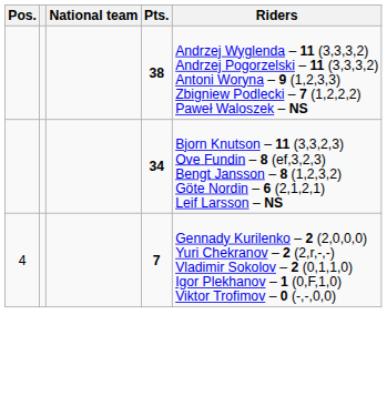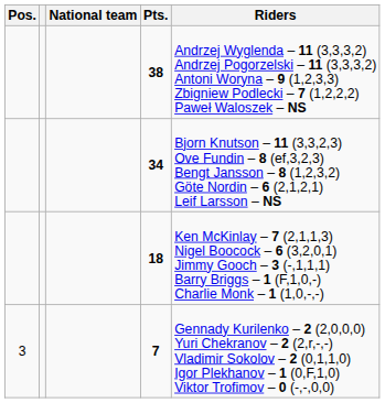 <table class=wikitable style="font-size:93%;">
 <tr>
 <th>Pos.</th>
 <th></th>
 <th>National team</th>
 <th>Pts.</th>
 <th>Riders</th>
 </tr>
 <tr align=center >
 <td></td>
 <td></td>
 <td align=left></td>
 <td><strong>38</strong></td>
 <td align=left><br><a href='#'>Andrzej Wyglenda</a> – <strong>11</strong> (3,3,3,2)<br> <a href='#'>Andrzej Pogorzelski</a> – <strong>11</strong> (3,3,3,2)<br> <a href='#'>Antoni Woryna</a> – <strong>9</strong> (1,2,3,3)<br> <a href='#'>Zbigniew Podlecki</a> – <strong>7</strong> (1,2,2,2)<br> <a href='#'>Paweł Waloszek</a> – <strong>NS</strong></td>
 </tr>
 <tr align=center >
 <td></td>
 <td></td>
 <td align=left></td>
 <td><strong>34</strong></td>
 <td align=left><br><a href='#'>Bjorn Knutson</a> – <strong>11</strong> (3,3,2,3)<br> <a href='#'>Ove Fundin</a> – <strong>8</strong> (ef,3,2,3) <br> <a href='#'>Bengt Jansson</a> – <strong>8</strong> (1,2,3,2) <br> <a href='#'>Göte Nordin</a> – <strong>6</strong> (2,1,2,1) <br> <a href='#'>Leif Larsson</a> – <strong>NS</strong></td>
 </tr>
+<tr align=center >
+<td></td>
+<td></td>
+<td align=left></td>
+<td><strong>18</strong></td>
+<td align=left><br><a href='#'>Ken McKinlay</a> – <strong>7</strong> (2,1,1,3)<br> <a href='#'>Nigel Boocock</a> – <strong>6</strong> (3,2,0,1)<br> <a href='#'>Jimmy Gooch</a> – <strong>3</strong> (-,1,1,1)<br> <a href='#'>Barry Briggs</a> – <strong>1</strong> (F,1,0,-)<br> <a href='#'>Charlie Monk</a> – <strong>1</strong> (1,0,-,-)<br></td>
+</tr>
 <tr align=center>
-<td>4</td>
+<td>3</td>
 <td></td>
 <td align=left></td>
 <td><strong>7</strong></td>
 <td align=left><br><a href='#'>Gennady Kurilenko</a> – <strong>2</strong> (2,0,0,0)<br> <a href='#'>Yuri Chekranov</a> – <strong>2</strong> (2,r,-,-)<br> <a href='#'>Vladimir Sokolov</a> – <strong>2</strong> (0,1,1,0)<br> <a href='#'>Igor Plekhanov</a> – <strong>1</strong> (0,F,1,0)<br> <a href='#'>Viktor Trofimov</a> – <strong>0</strong> (-,-,0,0)<br></td>
 </tr>
 </table>
